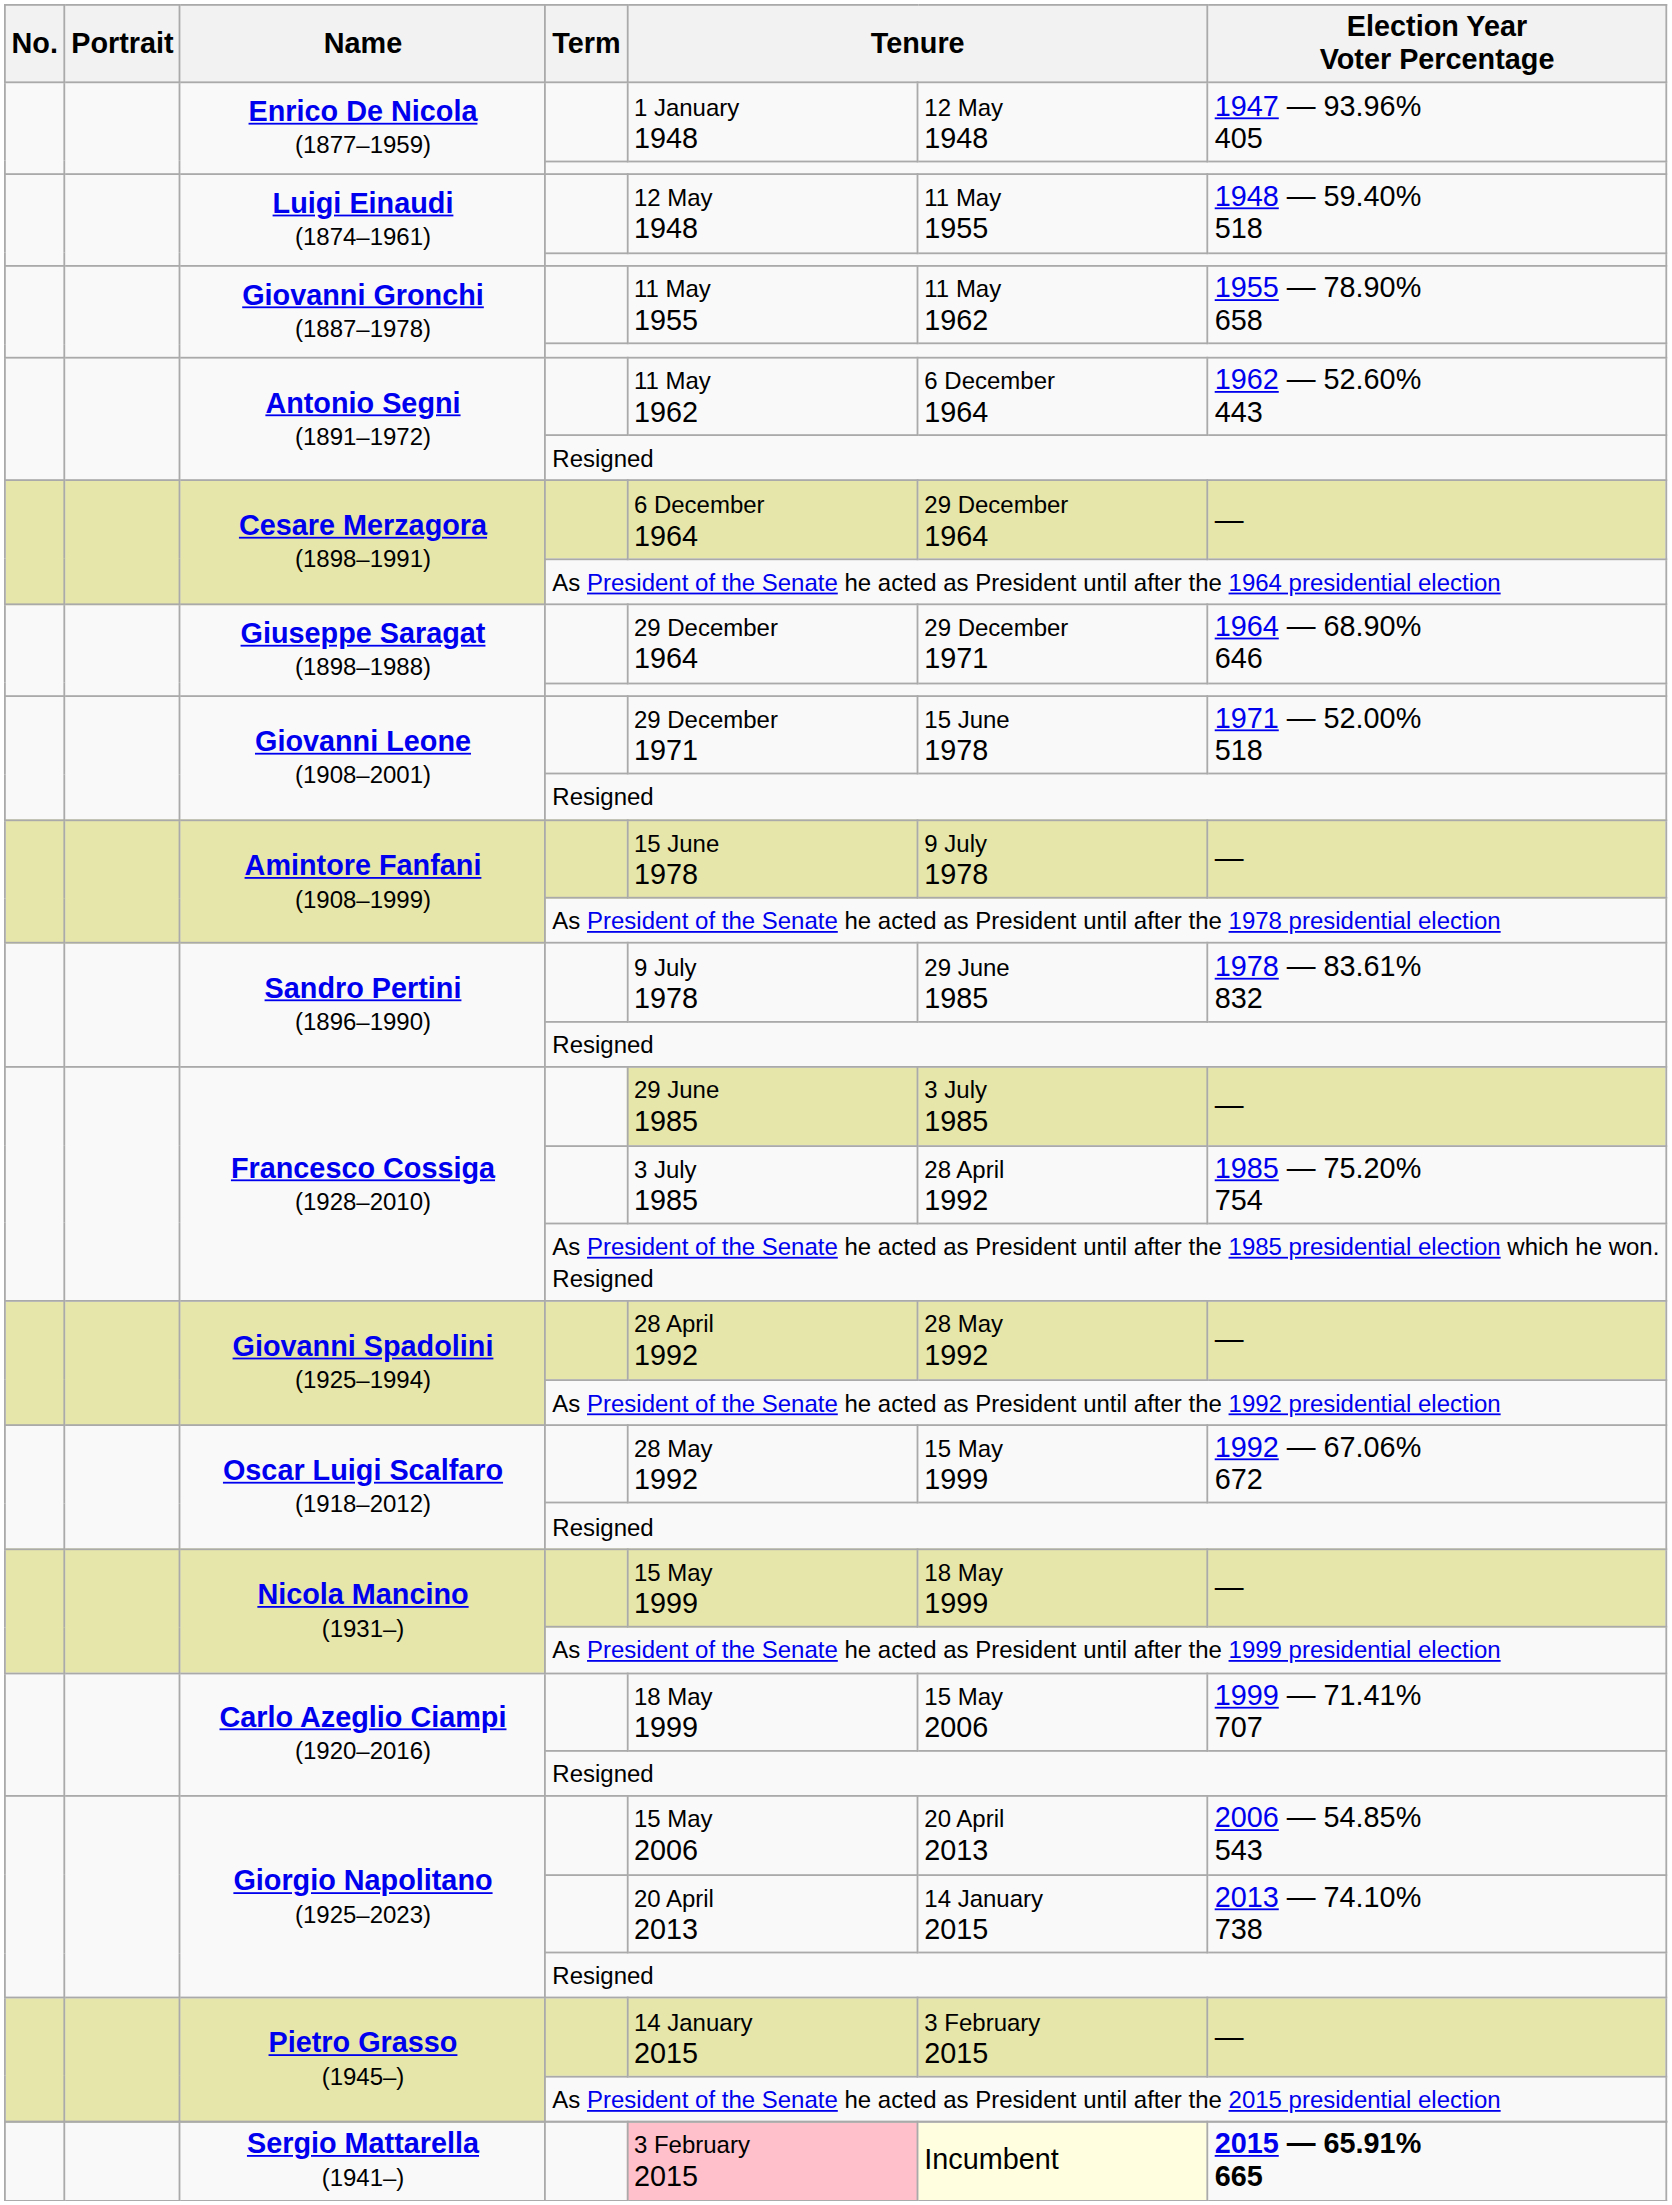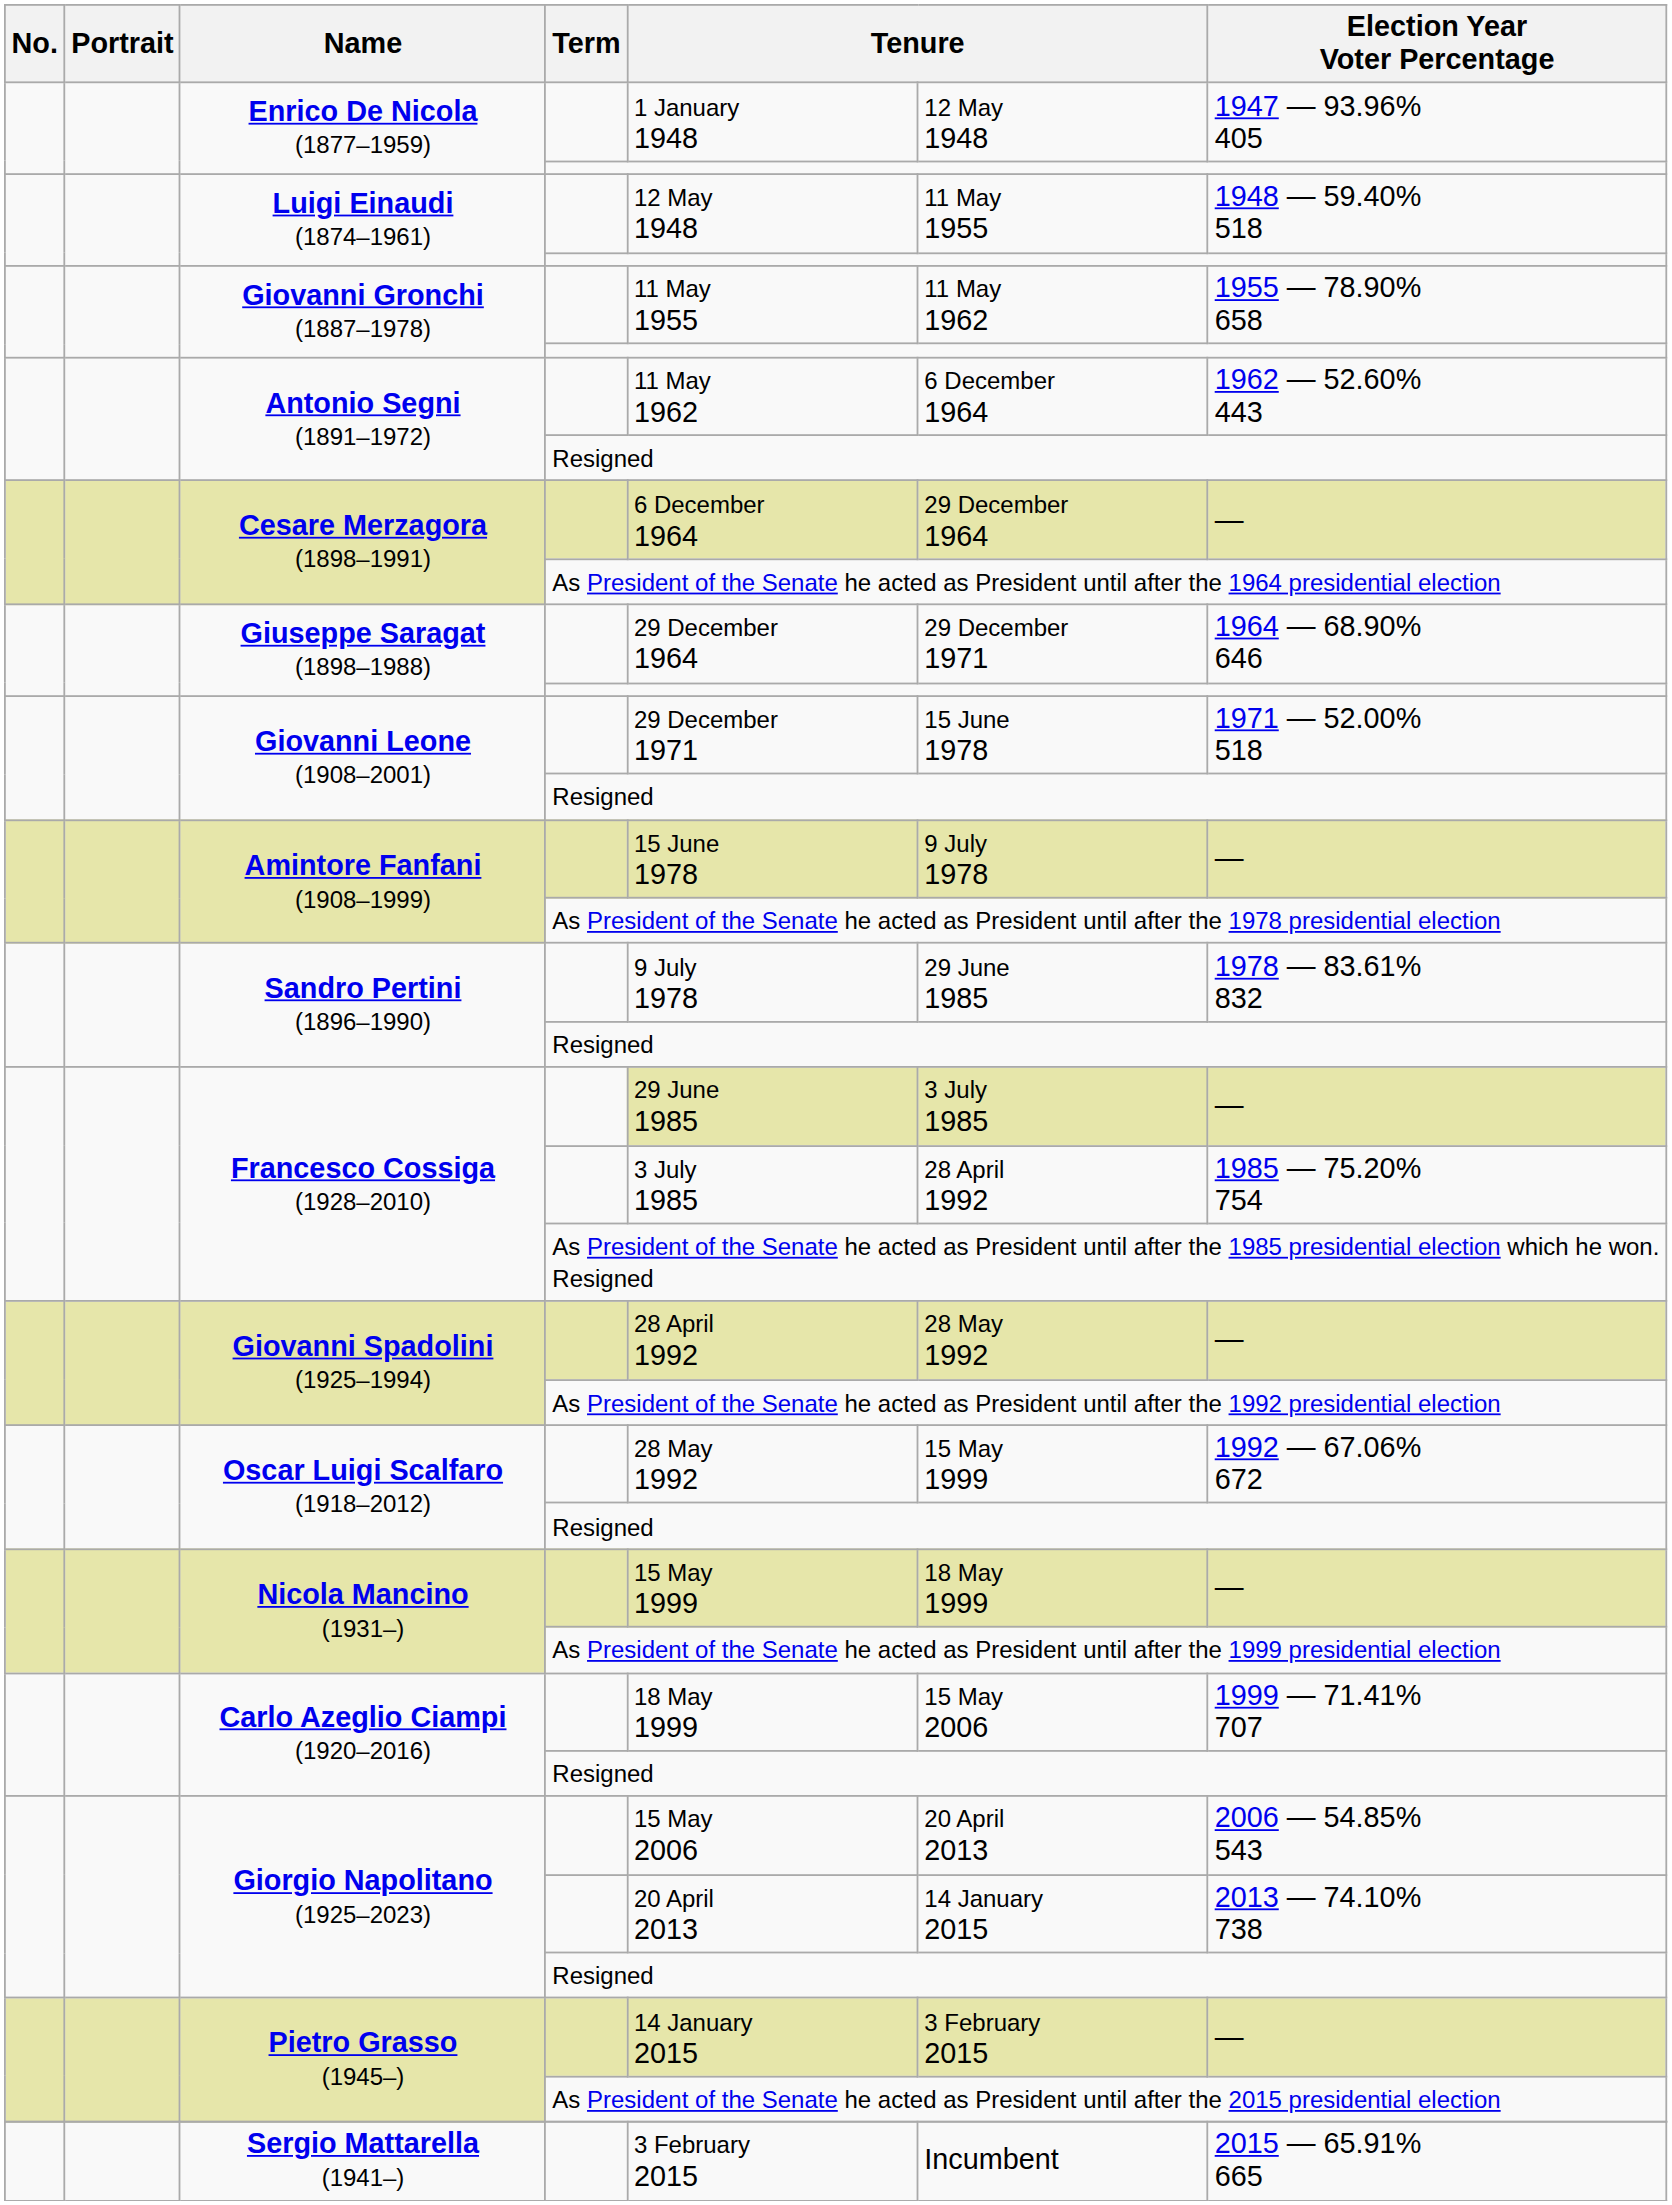 <table class=wikitable>
 <tr>
 <th align=left width=10>No.</th>
 <th>Portrait</th>
 <th width=22%>Name</th>
 <th align=left width=10>Term</th>
 <th align=center colspan=2>Tenure</th>
 <th align=left>Election Year<br>Voter Percentage</th>
 </tr>
 <tr>
 <td align=center rowspan=2 style="background: "></td>
 <td align=center rowspan=2></td>
 <td align=center rowspan=2><strong><a href='#'>Enrico De Nicola</a></strong><br><small>(1877–1959)</small></td>
 <td align=center style="background: "></td>
 <td><small>1 January</small><br>1948</td>
 <td><small>12 May</small><br>1948</td>
 <td><a href='#'>1947</a> — 93.96%<br>405</td>
 </tr>
 <tr>
 <td colspan="4"><small></small><small></small><small></small><small></small></td>
 </tr>
 <tr>
 <td align=center rowspan=2 style="background: "></td>
 <td align=center rowspan=2></td>
 <td align=center rowspan=2><strong><a href='#'>Luigi Einaudi</a></strong><br><small>(1874–1961)</small></td>
 <td align=center style="background: "></td>
 <td><small>12 May</small><br>1948</td>
 <td><small>11 May</small><br>1955</td>
 <td><a href='#'>1948</a> — 59.40%<br>518</td>
 </tr>
 <tr>
 <td colspan="4"><small></small><small></small><small></small><small></small></td>
 </tr>
 <tr>
 <td align=center rowspan=2 style="background: "></td>
 <td align=center rowspan=2></td>
 <td align=center rowspan=2><strong><a href='#'>Giovanni Gronchi</a></strong><br><small>(1887–1978)</small></td>
 <td align=center style="background: "></td>
 <td><small>11 May</small><br>1955</td>
 <td><small>11 May</small><br>1962</td>
 <td><a href='#'>1955</a> — 78.90%<br>658</td>
 </tr>
 <tr>
 <td colspan="4"><small></small><small></small><small></small><small></small></td>
 </tr>
 <tr>
 <td align=center rowspan=2 style="background: "></td>
 <td align=center rowspan=2></td>
 <td align=center rowspan=2><strong><a href='#'>Antonio Segni</a></strong><br><small>(1891–1972)</small></td>
 <td align=center style="background: "></td>
 <td><small>11 May</small><br>1962</td>
 <td><small>6 December</small><br>1964</td>
 <td><a href='#'>1962</a> — 52.60%<br>443</td>
 </tr>
 <tr>
 <td colspan="4"><small>Resigned</small></td>
 </tr>
 <tr style="background:#e6e6aa;">
 <td align=center rowspan=2 style="background: "></td>
 <td align=center rowspan=2></td>
 <td align=center rowspan=2><strong><a href='#'>Cesare Merzagora</a></strong><br><small>(1898–1991)</small></td>
 <td align=center style="background: "></td>
 <td><small>6 December</small><br>1964</td>
 <td><small>29 December</small><br>1964</td>
 <td>—</td>
 </tr>
 <tr>
 <td colspan="4"><small>As <a href='#'>President of the Senate</a> he acted as President until after the <a href='#'>1964 presidential election</a></small></td>
 </tr>
 <tr>
 <td align=center rowspan=2 style="background: "></td>
 <td align=center rowspan=2></td>
 <td align=center rowspan=2><strong><a href='#'>Giuseppe Saragat</a></strong><br><small>(1898–1988)</small></td>
 <td align=center style="background: "></td>
 <td><small>29 December</small><br>1964</td>
 <td><small>29 December</small><br>1971</td>
 <td><a href='#'>1964</a> — 68.90%<br>646</td>
 </tr>
 <tr>
 <td colspan="4"><small></small><small></small><small></small><small></small></td>
 </tr>
 <tr>
 <td align=center rowspan=2 style="background: "></td>
 <td align=center rowspan=2></td>
 <td align=center rowspan=2><strong><a href='#'>Giovanni Leone</a></strong><br><small>(1908–2001)</small></td>
 <td align=center style="background: "></td>
 <td><small>29 December</small><br>1971</td>
 <td><small>15 June</small><br>1978</td>
 <td><a href='#'>1971</a> — 52.00%<br>518</td>
 </tr>
 <tr>
 <td colspan="4"><small>Resigned</small></td>
 </tr>
 <tr style="background:#e6e6aa;">
 <td align=center rowspan=2 style="background: "></td>
 <td align=center rowspan=2></td>
 <td align=center rowspan=2><strong><a href='#'>Amintore Fanfani</a></strong><br><small>(1908–1999)</small></td>
 <td align=center style="background: "></td>
 <td><small>15 June</small><br>1978</td>
 <td><small>9 July</small><br>1978</td>
 <td>—</td>
 </tr>
 <tr>
 <td colspan="4"><small>As <a href='#'>President of the Senate</a> he acted as President until after the <a href='#'>1978 presidential election</a></small></td>
 </tr>
 <tr>
 <td align=center rowspan=2 style="background: "></td>
 <td align=center rowspan=2></td>
 <td align=center rowspan=2><strong><a href='#'>Sandro Pertini</a></strong><br><small>(1896–1990)</small></td>
 <td align=center style="background: "></td>
 <td><small>9 July</small><br>1978</td>
 <td><small>29 June</small><br>1985</td>
 <td><a href='#'>1978</a> — 83.61%<br>832</td>
 </tr>
 <tr>
 <td colspan="4"><small>Resigned</small></td>
 </tr>
 <tr>
 <td align=center rowspan=3 style="background: "></td>
 <td align=center rowspan=3></td>
 <td align=center rowspan=3><strong><a href='#'>Francesco Cossiga</a></strong><br><small>(1928–2010)</small></td>
 <td align=center style="background: "></td>
 <td style="background:#e6e6aa;"><small>29 June</small><br>1985</td>
 <td style="background:#e6e6aa;"><small>3 July</small><br>1985</td>
 <td style="background:#e6e6aa;">—</td>
 </tr>
 <tr>
 <td align=center style="background: "></td>
 <td><small>3 July</small><br>1985</td>
 <td><small>28 April</small><br>1992</td>
 <td><a href='#'>1985</a> — 75.20%<br>754</td>
 </tr>
 <tr>
 <td colspan="4"><small>As <a href='#'>President of the Senate</a> he acted as President until after the <a href='#'>1985 presidential election</a> which he won.<br>Resigned</small></td>
 </tr>
 <tr style="background:#e6e6aa;">
 <td align=center rowspan=2 style="background: "></td>
 <td align=center rowspan=2></td>
 <td align=center rowspan=2><strong><a href='#'>Giovanni Spadolini</a></strong><br><small>(1925–1994)</small></td>
 <td align=center style="background: "></td>
 <td><small>28 April</small><br>1992</td>
 <td><small>28 May</small><br>1992</td>
 <td>—</td>
 </tr>
 <tr>
 <td colspan="4"><small>As <a href='#'>President of the Senate</a> he acted as President until after the <a href='#'>1992 presidential election</a></small></td>
 </tr>
 <tr>
 <td align=center rowspan=2 style="background: "></td>
 <td align=center rowspan=2></td>
 <td align=center rowspan=2><strong><a href='#'>Oscar Luigi Scalfaro</a></strong><br><small>(1918–2012)</small></td>
 <td align=center style="background: "></td>
 <td><small>28 May</small><br>1992</td>
 <td><small>15 May</small><br>1999</td>
 <td><a href='#'>1992</a> — 67.06%<br>672</td>
 </tr>
 <tr>
 <td colspan="4"><small>Resigned</small></td>
 </tr>
 <tr style="background:#e6e6aa;">
 <td align=center rowspan=2 style="background: "></td>
 <td align=center rowspan=2></td>
 <td align=center rowspan=2><strong><a href='#'>Nicola Mancino</a></strong><br><small>(1931–)</small></td>
 <td align=center style="background: "></td>
 <td><small>15 May</small><br>1999</td>
 <td><small>18 May</small><br>1999</td>
 <td>—</td>
 </tr>
 <tr>
 <td colspan="4"><small>As <a href='#'>President of the Senate</a> he acted as President until after the <a href='#'>1999 presidential election</a></small></td>
 </tr>
 <tr>
 <td align=center rowspan=2 style="background: "></td>
 <td align=center rowspan=2></td>
 <td align=center rowspan=2><strong><a href='#'>Carlo Azeglio Ciampi</a></strong><br><small>(1920–2016)</small></td>
 <td align=center style="background: "></td>
 <td><small>18 May</small><br>1999</td>
 <td><small>15 May</small><br>2006</td>
 <td><a href='#'>1999</a> — 71.41%<br>707</td>
 </tr>
 <tr>
 <td colspan="4"><small>Resigned</small></td>
 </tr>
 <tr>
 <td align=center rowspan=3 style="background:"></td>
 <td align=center rowspan=3></td>
 <td align=center rowspan=3><strong><a href='#'>Giorgio Napolitano</a></strong><br><small>(1925–2023)</small></td>
 <td align=center style="background: "></td>
 <td><small>15 May</small><br>2006</td>
 <td><small>20 April</small><br>2013</td>
 <td><a href='#'>2006</a> — 54.85%<br>543</td>
 </tr>
 <tr>
 <td align=center style="background: "></td>
 <td><small>20 April</small><br>2013</td>
 <td><small>14 January</small><br>2015</td>
 <td><a href='#'>2013</a> — 74.10%<br>738</td>
 </tr>
 <tr>
 <td colspan="4"><small>Resigned</small></td>
 </tr>
 <tr style="background:#e6e6aa;">
 <td align=center rowspan=2 style="background: "></td>
 <td align=center rowspan=2></td>
 <td align=center rowspan=2><strong><a href='#'>Pietro Grasso</a></strong><br><small>(1945–)</small></td>
 <td align=center style="background: "></td>
 <td><small>14 January</small><br>2015</td>
 <td><small>3 February</small><br>2015</td>
 <td>—</td>
 </tr>
 <tr>
 <td colspan="4"><small>As <a href='#'>President of the Senate</a> he acted as President until after the <a href='#'>2015 presidential election</a></small></td>
 </tr>
 <tr>
 </tr>
 <tr>
 <td align=center rowspan=2 style="background: "></td>
 <td align="center"></td>
 <td align=center rowspan=2><strong><a href='#'>Sergio Mattarella</a></strong><br><small>(1941–)</small></td>
 <td align=center style="background: "></td>
-<td style="background: pink;"><small>3 February</small><br>2015</td>
-<td style="background: lightyellow;">Incumbent</td>
-<td><strong><a href='#'>2015</a> — 65.91%<br>665</strong></td>
+<td><small>3 February</small><br>2015</td>
+<td>Incumbent</td>
+<td><a href='#'>2015</a> — 65.91%<br>665</td>
 </tr>
 </table>
